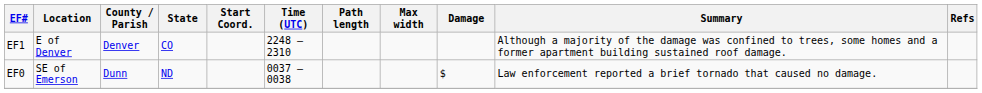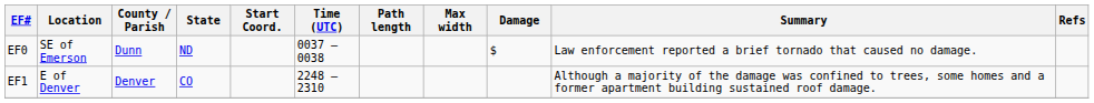 <table class="wikitable sortable" style="width:100%;">
 <tr>
 <th scope="col" width="3%" align="center"><a href='#'>EF#</a></th>
 <th scope="col" width="7%" align="center" class="unsortable">Location</th>
 <th scope="col" width="6%" align="center" class="unsortable">County / Parish</th>
 <th scope="col" width="5%" align="center">State</th>
 <th scope="col" width="6%" align="center">Start Coord.</th>
 <th scope="col" width="6%" align="center">Time (<a href='#'>UTC</a>)</th>
 <th scope="col" width="6%" align="center">Path length</th>
 <th scope="col" width="6%" align="center">Max width</th>
 <th scope="col" width="6%" align="center">Damage</th>
 <th scope="col" width="48%" class="unsortable" align="center">Summary</th>
 <th scope="col" width="48%" class="unsortable" align="center">Refs</th>
 </tr>
 <tr>
+<td>EF0</td>
+<td>SE of <a href='#'>Emerson</a></td>
+<td><a href='#'>Dunn</a></td>
+<td><a href='#'>ND</a></td>
+<td></td>
+<td>0037 – 0038</td>
+<td></td>
+<td></td>
+<td>$</td>
+<td>Law enforcement reported a brief tornado that caused no damage.</td>
+<td></td>
+</tr>
+<tr>
 <td>EF1</td>
 <td>E of <a href='#'>Denver</a></td>
 <td><a href='#'>Denver</a></td>
 <td><a href='#'>CO</a></td>
 <td></td>
 <td>2248 – 2310</td>
 <td></td>
 <td></td>
 <td></td>
 <td>Although a majority of the damage was confined to trees, some homes and a former apartment building sustained roof damage.</td>
 <td></td>
 </tr>
 <tr>
-<td>EF0</td>
-<td>SE of <a href='#'>Emerson</a></td>
-<td><a href='#'>Dunn</a></td>
-<td><a href='#'>ND</a></td>
-<td></td>
-<td>0037 – 0038</td>
-<td></td>
-<td></td>
-<td>$</td>
-<td>Law enforcement reported a brief tornado that caused no damage.</td>
-<td></td>
-</tr>
-<tr>
 </tr>
 </table>
